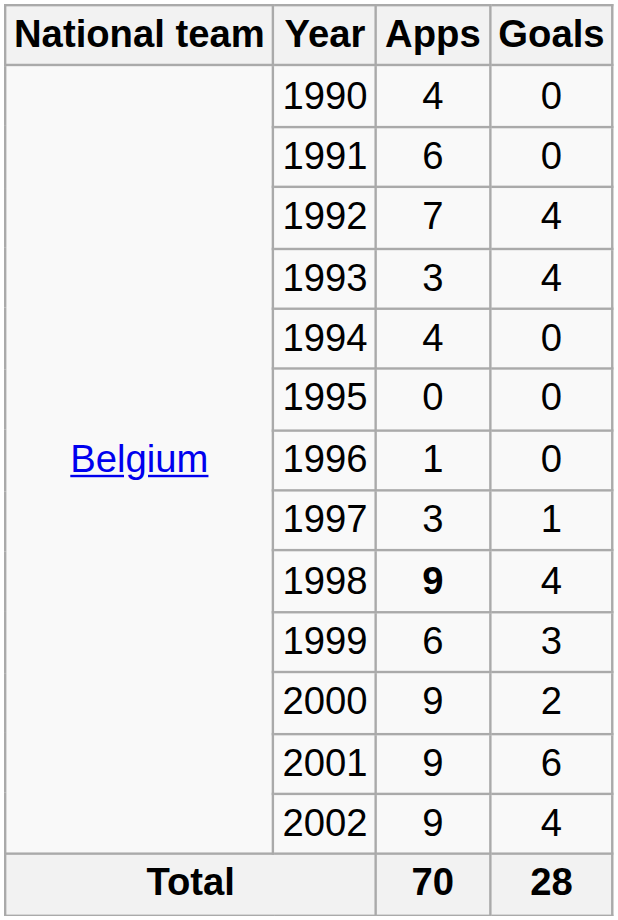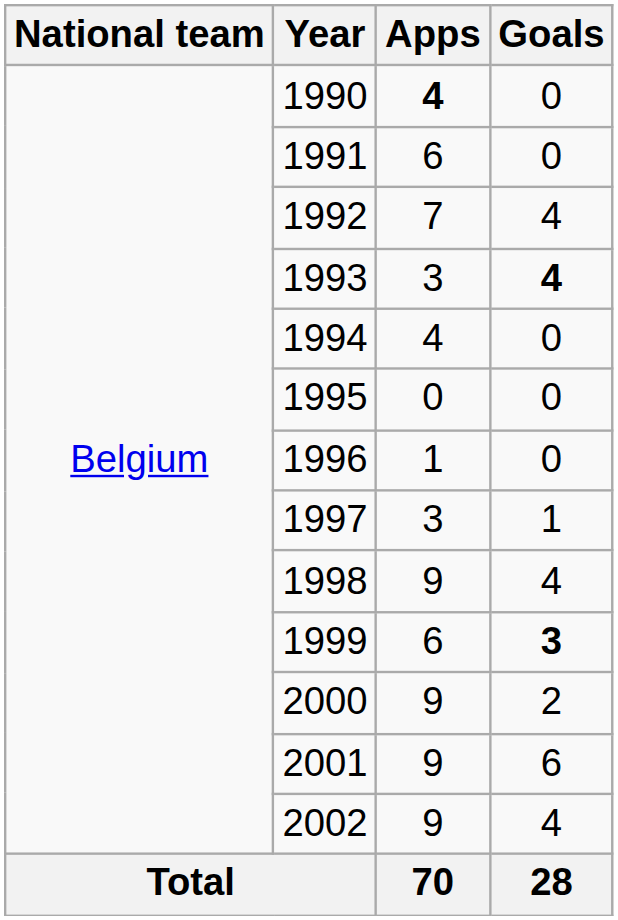 <table class="wikitable" style="text-align:center">
 <tr>
 <th>National team</th>
 <th>Year</th>
 <th>Apps</th>
 <th>Goals</th>
 </tr>
 <tr>
 <td rowspan="13"><a href='#'>Belgium</a></td>
 <td>1990</td>
-<td>4</td>
+<td><strong>4</strong></td>
 <td>0</td>
 </tr>
 <tr>
 <td>1991</td>
 <td>6</td>
 <td>0</td>
 </tr>
 <tr>
 <td>1992</td>
 <td>7</td>
 <td>4</td>
 </tr>
 <tr>
 <td>1993</td>
 <td>3</td>
-<td>4</td>
+<td><strong>4</strong></td>
 </tr>
 <tr>
 <td>1994</td>
 <td>4</td>
 <td>0</td>
 </tr>
 <tr>
 <td>1995</td>
 <td>0</td>
 <td>0</td>
 </tr>
 <tr>
 <td>1996</td>
 <td>1</td>
 <td>0</td>
 </tr>
 <tr>
 <td>1997</td>
 <td>3</td>
 <td>1</td>
 </tr>
 <tr>
 <td>1998</td>
-<td><strong>9</strong></td>
+<td>9</td>
 <td>4</td>
 </tr>
 <tr>
 <td>1999</td>
 <td>6</td>
-<td>3</td>
+<td><strong>3</strong></td>
 </tr>
 <tr>
 <td>2000</td>
 <td>9</td>
 <td>2</td>
 </tr>
 <tr>
 <td>2001</td>
 <td>9</td>
 <td>6</td>
 </tr>
 <tr>
 <td>2002</td>
 <td>9</td>
 <td>4</td>
 </tr>
 <tr>
 <th colspan="2">Total</th>
 <th>70</th>
 <th>28</th>
 </tr>
 </table>
